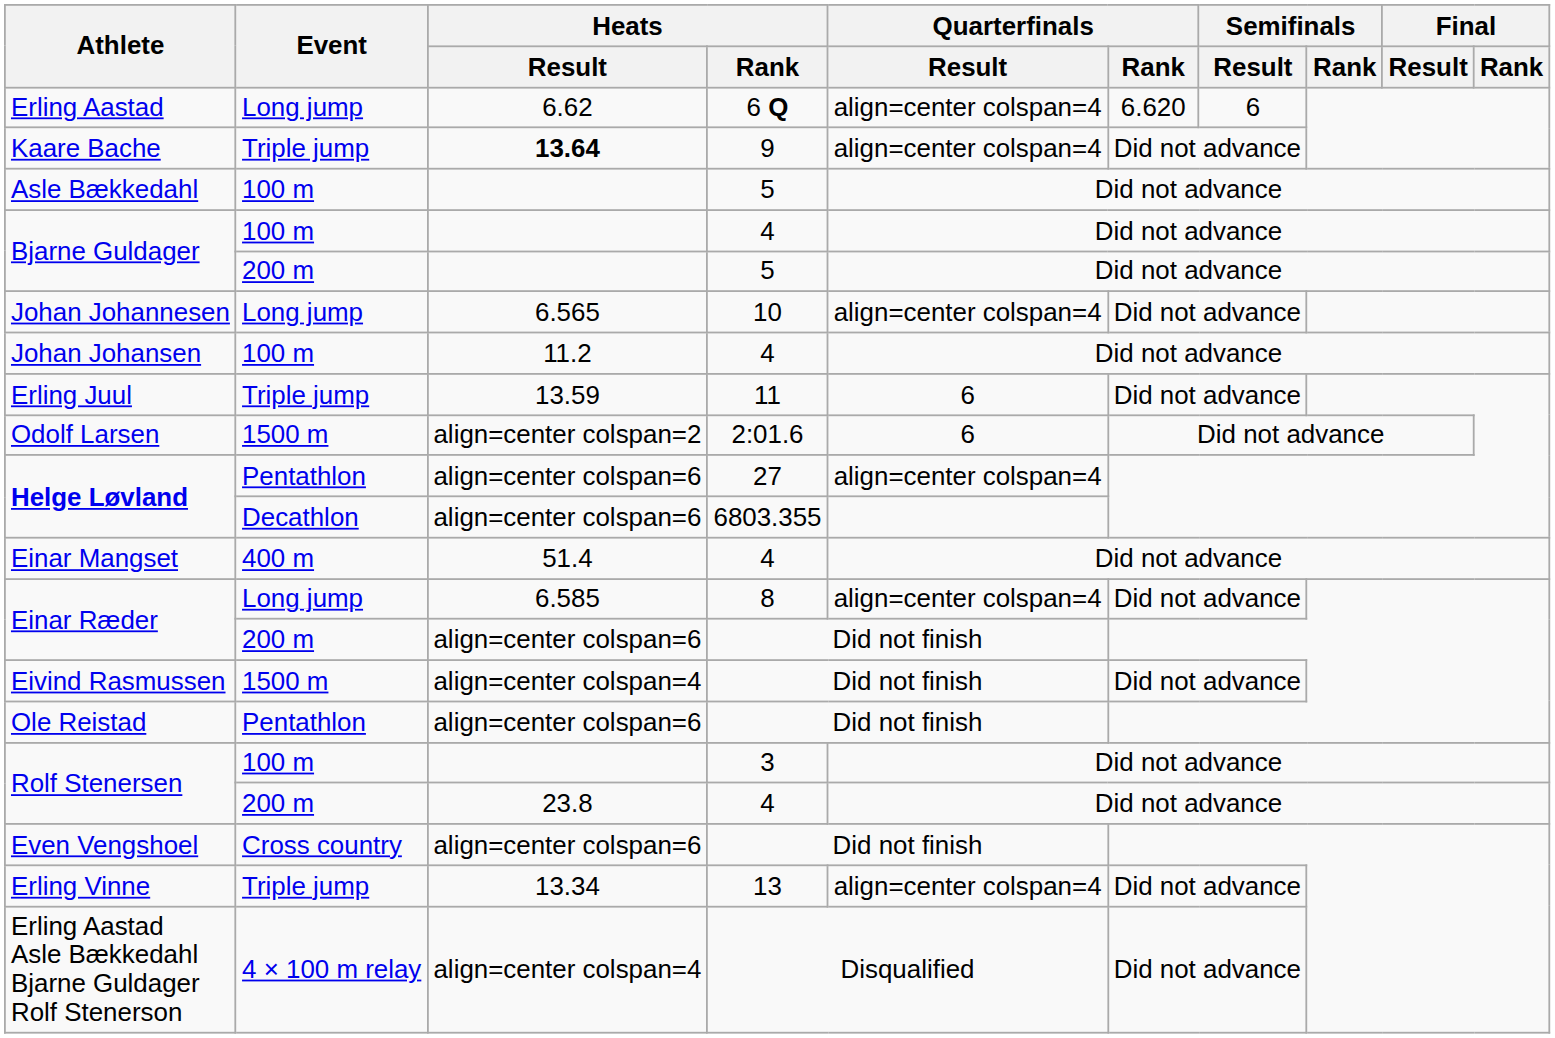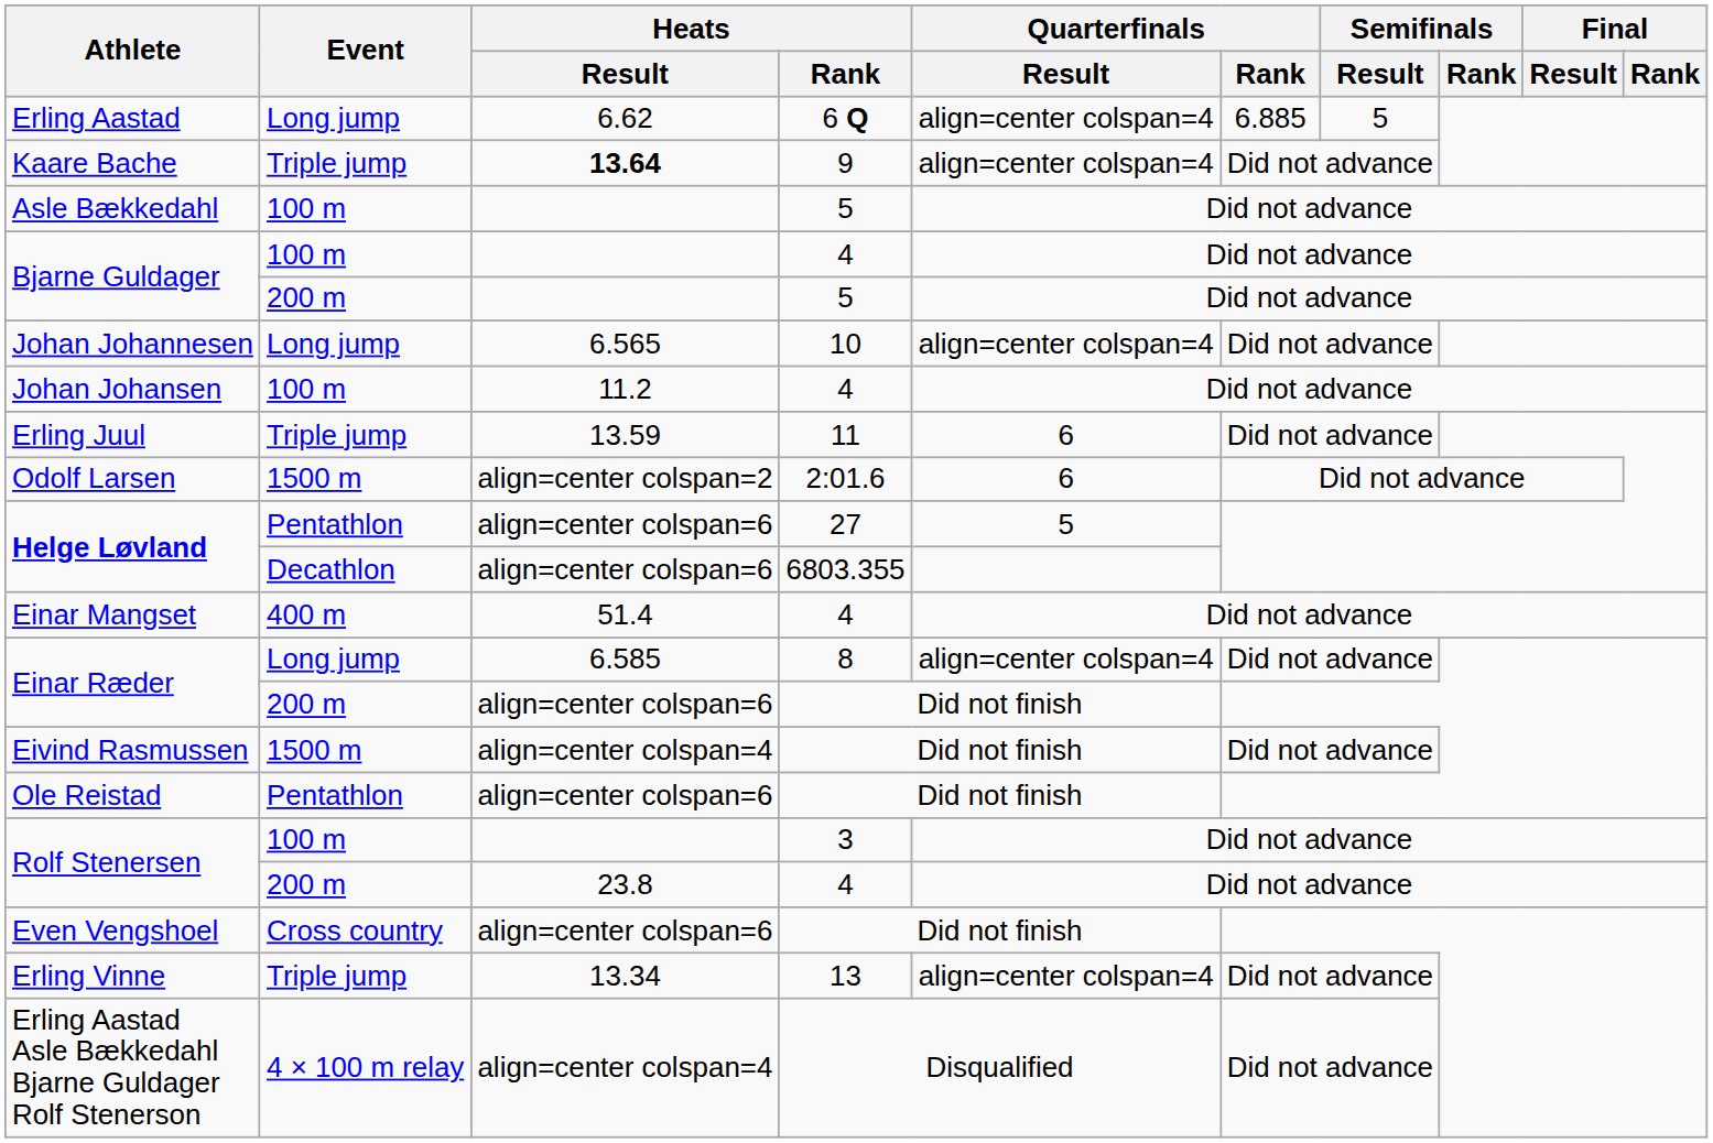 <table class=wikitable style="font-size:90%">
 <tr>
 <th rowspan=2>Athlete</th>
 <th rowspan=2>Event</th>
 <th colspan=2>Heats</th>
 <th colspan=2>Quarterfinals</th>
 <th colspan=2>Semifinals</th>
 <th colspan=2>Final</th>
 </tr>
 <tr>
 <th>Result</th>
 <th>Rank</th>
 <th>Result</th>
 <th>Rank</th>
 <th>Result</th>
 <th>Rank</th>
 <th>Result</th>
 <th>Rank</th>
 </tr>
 <tr>
 <td><a href='#'>Erling Aastad</a></td>
 <td><a href='#'>Long jump</a></td>
 <td align=center>6.62</td>
 <td align=center>6 <strong>Q</strong></td>
 <td>align=center colspan=4 </td>
-<td align=center>6.620</td>
-<td align=center>6</td>
+<td align=center>6.885</td>
+<td align=center>5</td>
 </tr>
 <tr>
 <td><a href='#'>Kaare Bache</a></td>
 <td><a href='#'>Triple jump</a></td>
 <td align=center><strong>13.64</strong></td>
 <td align=center>9</td>
 <td>align=center colspan=4 </td>
 <td align=center colspan=2>Did not advance</td>
 </tr>
 <tr>
 <td><a href='#'>Asle Bækkedahl</a></td>
 <td><a href='#'>100 m</a></td>
 <td align=center></td>
 <td align=center>5</td>
 <td align=center colspan=6>Did not advance</td>
 </tr>
 <tr>
 <td rowspan=2><a href='#'>Bjarne Guldager</a></td>
 <td><a href='#'>100 m</a></td>
 <td align=center></td>
 <td align=center>4</td>
 <td align=center colspan=6>Did not advance</td>
 </tr>
 <tr>
 <td><a href='#'>200 m</a></td>
 <td align=center></td>
 <td align=center>5</td>
 <td align=center colspan=6>Did not advance</td>
 </tr>
 <tr>
 <td><a href='#'>Johan Johannesen</a></td>
 <td><a href='#'>Long jump</a></td>
 <td align=center>6.565</td>
 <td align=center>10</td>
 <td>align=center colspan=4 </td>
 <td align=center colspan=2>Did not advance</td>
 </tr>
 <tr>
 <td><a href='#'>Johan Johansen</a></td>
 <td><a href='#'>100 m</a></td>
 <td align=center>11.2</td>
 <td align=center>4</td>
 <td align=center colspan=6>Did not advance</td>
 </tr>
 <tr>
 <td><a href='#'>Erling Juul</a></td>
 <td><a href='#'>Triple jump</a></td>
 <td align=center>13.59</td>
 <td align=center>11</td>
 <td align=center>6</td>
 <td align=center colspan=2>Did not advance</td>
 </tr>
 <tr>
 <td><a href='#'>Odolf Larsen</a></td>
 <td><a href='#'>1500 m</a></td>
 <td>align=center colspan=2 </td>
 <td align=center>2:01.6</td>
 <td align=center>6</td>
 <td align=center colspan=4>Did not advance</td>
 </tr>
 <tr>
 <td rowspan=2><strong><a href='#'>Helge Løvland</a></strong></td>
 <td><a href='#'>Pentathlon</a></td>
 <td>align=center colspan=6 </td>
 <td align=center>27</td>
-<td>align=center colspan=4 </td>
+<td align=center>5</td>
 </tr>
 <tr>
 <td><a href='#'>Decathlon</a></td>
 <td>align=center colspan=6 </td>
 <td align=center>6803.355</td>
 <td align=center></td>
 </tr>
 <tr>
 <td><a href='#'>Einar Mangset</a></td>
 <td><a href='#'>400 m</a></td>
 <td align=center>51.4</td>
 <td align=center>4</td>
 <td align=center colspan=6>Did not advance</td>
 </tr>
 <tr>
 <td rowspan=2><a href='#'>Einar Ræder</a></td>
 <td><a href='#'>Long jump</a></td>
 <td align=center>6.585</td>
 <td align=center>8</td>
 <td>align=center colspan=4 </td>
 <td align=center colspan=2>Did not advance</td>
 </tr>
 <tr>
 <td><a href='#'>200 m</a></td>
 <td>align=center colspan=6 </td>
 <td align=center colspan=2>Did not finish</td>
 </tr>
 <tr>
 <td><a href='#'>Eivind Rasmussen</a></td>
 <td><a href='#'>1500 m</a></td>
 <td>align=center colspan=4 </td>
 <td colspan="2" align="center">Did not finish</td>
 <td align=center colspan=2>Did not advance</td>
 </tr>
 <tr>
 <td><a href='#'>Ole Reistad</a></td>
 <td><a href='#'>Pentathlon</a></td>
 <td>align=center colspan=6 </td>
 <td align=center colspan=2>Did not finish</td>
 </tr>
 <tr>
 <td rowspan=2><a href='#'>Rolf Stenersen</a></td>
 <td><a href='#'>100 m</a></td>
 <td align=center></td>
 <td align=center>3</td>
 <td align=center colspan=6>Did not advance</td>
 </tr>
 <tr>
 <td><a href='#'>200 m</a></td>
 <td align=center>23.8</td>
 <td align=center>4</td>
 <td align=center colspan=6>Did not advance</td>
 </tr>
 <tr>
 <td><a href='#'>Even Vengshoel</a></td>
 <td><a href='#'>Cross country</a></td>
 <td>align=center colspan=6 </td>
 <td align=center colspan=2>Did not finish</td>
 </tr>
 <tr>
 <td><a href='#'>Erling Vinne</a></td>
 <td><a href='#'>Triple jump</a></td>
 <td align=center>13.34</td>
 <td align=center>13</td>
 <td>align=center colspan=4 </td>
 <td align=center colspan=2>Did not advance</td>
 </tr>
 <tr>
 <td>Erling Aastad <br> Asle Bækkedahl <br> Bjarne Guldager <br> Rolf Stenerson</td>
 <td><a href='#'>4 × 100 m relay</a></td>
 <td>align=center colspan=4 </td>
 <td align=center colspan=2>Disqualified</td>
 <td align=center colspan=2>Did not advance</td>
 </tr>
 </table>
